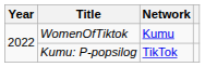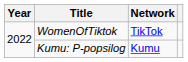 <table class="wikitable">
 <tr>
 <th>Year</th>
 <th>Title</th>
 <th>Network</th>
 <th></th>
 </tr>
 <tr>
 <td rowspan="2">2022</td>
 <td><em>WomenOfTiktok</em></td>
-<td><a href='#'>Kumu</a></td>
+<td><a href='#'>TikTok</a></td>
 <td></td>
 </tr>
 <tr>
 <td><em>Kumu: P-popsilog</em></td>
-<td><a href='#'>TikTok</a></td>
+<td><a href='#'>Kumu</a></td>
 <td></td>
 </tr>
 </table>
